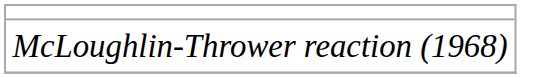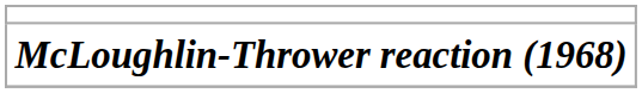 <table align="center"  class="wikitable" style="background-color:white;">
 <tr>
 <td></td>
 </tr>
 <tr>
-<td><em>McLoughlin-Thrower reaction (1968)</em></td>
+<td><strong><em>McLoughlin-Thrower reaction (1968)</em></strong></td>
 </tr>
 <tr>
 </tr>
 </table>
